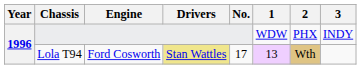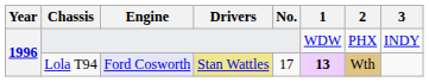 <table class="wikitable" style="text-align:center; font-size:85%">
 <tr>
 <th>Year</th>
 <th>Chassis</th>
 <th>Engine</th>
 <th>Drivers</th>
 <th>No.</th>
 <th>1</th>
 <th>2</th>
 <th>3</th>
 </tr>
 <tr>
 <th rowspan=2><a href='#'>1996</a></th>
 <td colspan=4 style="background:#EBECEE;"></td>
 <td><a href='#'>WDW</a></td>
 <td><a href='#'>PHX</a></td>
 <td><a href='#'>INDY</a></td>
 </tr>
 <tr>
 <td><a href='#'>Lola</a> T94</td>
-<td><a href='#'>Ford Cosworth</a></td>
+<td style="background: lavender;"><a href='#'>Ford Cosworth</a></td>
 <td align=left style="background: khaki;"> <a href='#'>Stan Wattles</a></td>
 <td rowspan=2>17</td>
-<td style="background:#EFCFFF;" align=center>13</td>
+<td style="background:#EFCFFF;" align=center><strong>13</strong></td>
 <td style="background:#DFC484;" align=center>Wth</td>
 <td></td>
 </tr>
 </table>
